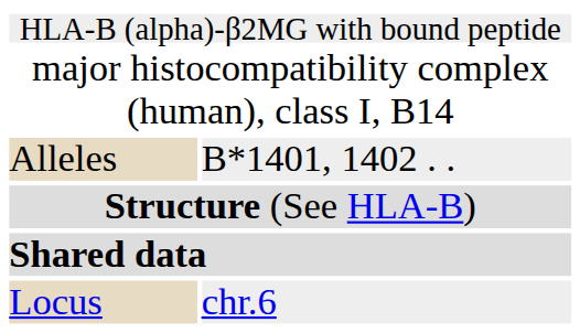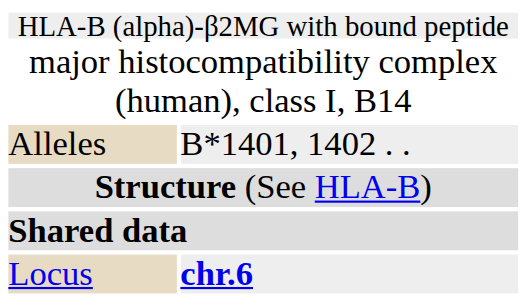 <table id="drugInfoBox" style="float: right; clear: right; margin: 0 0 0.5em 1em; background: #ffffff;" class="toccolours" border=0 cellpadding=0 align="right" width="240px">
 <tr align="center">
 <td colspan="3"></td>
 </tr>
 <tr style="text-align: center; line-height: 0.75;background:#eeeeee">
 <td colspan="3" color="white"><small>HLA-B (alpha)-β2MG with bound peptide</small></td>
 </tr>
 <tr>
 <td align="center" colspan="3"><div>major histocompatibility complex (human), class I, B14</div></td>
 </tr>
 <tr>
 <td bgcolor="#e7dcc3">Alleles</td>
 <td colspan = 2  bgcolor="#eeeeee">B*1401, 1402 . .</td>
 </tr>
 <tr align="center">
 <td colspan="3" bgcolor="#dddddd"><strong>Structure</strong> (See <a href='#'>HLA-B</a>)</td>
 </tr>
 <tr>
 <td colspan="2" bgcolor="#dddddd"><strong>Shared data</strong></td>
 </tr>
 <tr>
 <td bgcolor="#e7dcc3"><a href='#'>Locus</a></td>
-<td bgcolor="#eeeeee"><a href='#'>chr.6</a> <em></em></td>
+<td bgcolor="#eeeeee"><strong><a href='#'>chr.6</a> <em></em></strong></td>
 </tr>
 </table>
